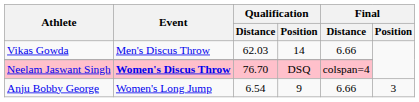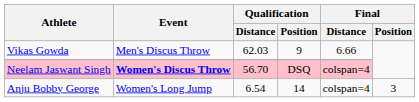 <table class=wikitable style="font-size:90%">
 <tr>
 <th rowspan="2">Athlete</th>
 <th rowspan="2">Event</th>
 <th colspan="2">Qualification</th>
 <th colspan="2">Final</th>
 </tr>
 <tr style="font-size:95%">
 <th>Distance</th>
 <th>Position</th>
 <th>Distance</th>
 <th>Position</th>
 </tr>
 <tr>
 <td><a href='#'>Vikas Gowda</a></td>
 <td><a href='#'>Men's Discus Throw</a></td>
 <td align="center">62.03</td>
-<td align="center">14</td>
+<td align="center">9</td>
 <td align="center">6.66</td>
 </tr>
 <tr>
 </tr>
 <tr bgcolor=pink>
 <td><a href='#'>Neelam Jaswant Singh</a></td>
 <td><strong><a href='#'>Women's Discus Throw</a></strong></td>
-<td align="center">76.70</td>
+<td align="center">56.70</td>
 <td align="center">DSQ</td>
 <td>colspan=4 </td>
 </tr>
 <tr>
 <td><a href='#'>Anju Bobby George</a></td>
 <td><a href='#'>Women's Long Jump</a></td>
 <td align="center">6.54</td>
-<td align="center">9</td>
-<td align="center">6.66</td>
+<td align="center">14</td>
+<td>colspan=4 </td>
 <td align="center">3</td>
 </tr>
 </table>
